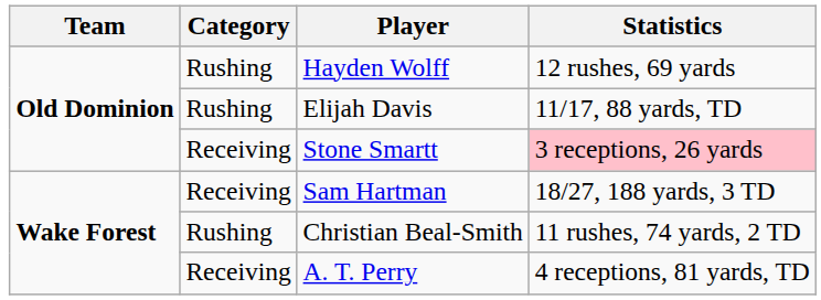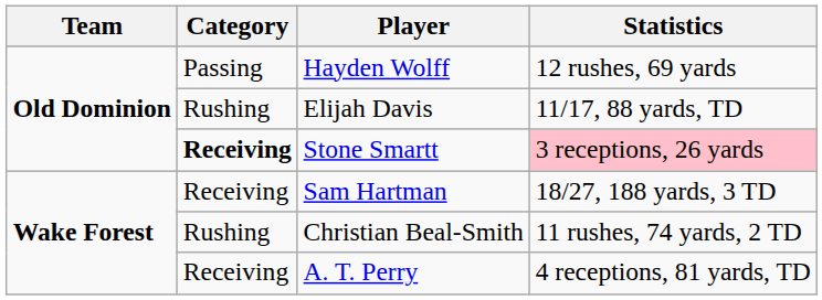 <table class="wikitable" style="float: right;">
 <tr>
 <th>Team</th>
 <th>Category</th>
 <th>Player</th>
 <th>Statistics</th>
 </tr>
 <tr>
 <td rowspan=3><strong>Old Dominion</strong></td>
-<td>Rushing</td>
+<td>Passing</td>
 <td><a href='#'>Hayden Wolff</a></td>
 <td>12 rushes, 69 yards</td>
 </tr>
 <tr>
 <td>Rushing</td>
 <td>Elijah Davis</td>
 <td>11/17, 88 yards, TD</td>
 </tr>
 <tr>
-<td>Receiving</td>
+<td><strong>Receiving</strong></td>
 <td><a href='#'>Stone Smartt</a></td>
 <td style="background: pink;">3 receptions, 26 yards</td>
 </tr>
 <tr>
 <td rowspan=3><strong>Wake Forest</strong></td>
 <td>Receiving</td>
 <td><a href='#'>Sam Hartman</a></td>
 <td>18/27, 188 yards, 3 TD</td>
 </tr>
 <tr>
 <td>Rushing</td>
 <td>Christian Beal-Smith</td>
 <td>11 rushes, 74 yards, 2 TD</td>
 </tr>
 <tr>
 <td>Receiving</td>
 <td><a href='#'>A. T. Perry</a></td>
 <td>4 receptions, 81 yards, TD</td>
 </tr>
 </table>
